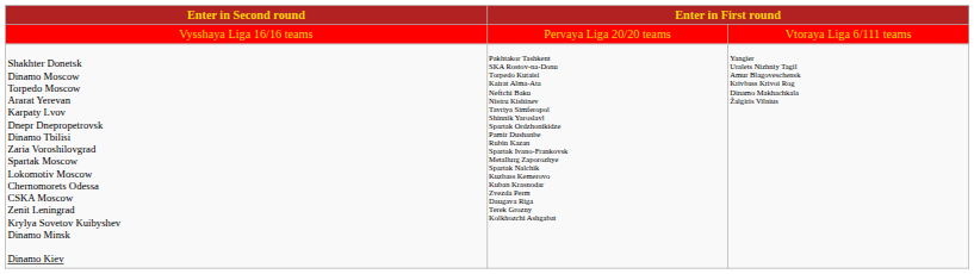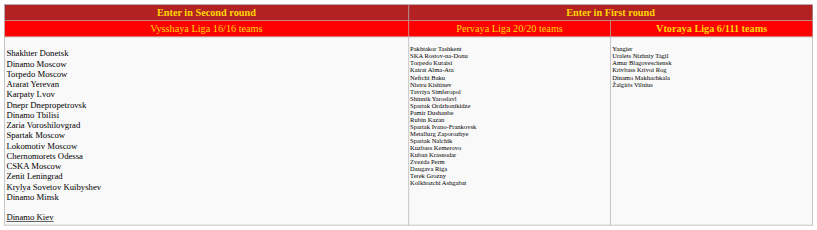 <table class="wikitable" style="width:100%;">
 <tr style="background:Firebrick; text-align:center;">
 <td style="width:50%; color:Gold" colspan="1"><strong>Enter in Second round</strong></td>
 <td style="width:50%; color:Gold" colspan="2"><strong>Enter in First round</strong></td>
 </tr>
 <tr style="background:Red;">
 <td style="text-align:center; width:50%; color:Gold" colspan=1>Vysshaya Liga 16/16 teams</td>
 <td style="text-align:center; width:25%; color:Gold" colspan=1>Pervaya Liga 20/20 teams</td>
-<td style="text-align:center; width:25%; color:Gold" colspan=1>Vtoraya Liga 6/111 teams</td>
+<td style="text-align:center; width:25%; color:Gold" colspan=1><strong>Vtoraya Liga 6/111 teams</strong></td>
 </tr>
 <tr style="vertical-align:top; font-size:85%;">
 <td><br> Shakhter Donetsk<br>  Dinamo Moscow<br>  Torpedo Moscow<br>  Ararat Yerevan<br>  Karpaty Lvov<br>  Dnepr Dnepropetrovsk<br>  Dinamo Tbilisi<br>  Zaria Voroshilovgrad<br>  Spartak Moscow<br>  Lokomotiv Moscow<br>  Chernomorets Odessa<br>  CSKA Moscow<br>  Zenit Leningrad<br>  Krylya Sovetov Kuibyshev<br>  Dinamo Minsk<br><br> <u>Dinamo Kiev</u><br></td>
 <td style="font-size:75%;"><br> Pakhtakor Tashkent<br>  SKA Rostov-na-Donu<br>  Torpedo Kutaisi<br>  Kairat Alma-Ata<br>  Neftchi Baku<br>  Nistru Kishinev<br>  Tavriya Simferopol<br>  Shinnik Yaroslavl<br>  Spartak Ordzhonikidze<br>  Pamir Dushanbe<br>  Rubin Kazan<br>  Spartak Ivano-Frankovsk<br>  Metallurg Zaporozhye<br>  Spartak Nalchik<br>  Kuzbass Kemerovo<br>  Kuban Krasnodar<br>  Zvezda Perm<br>  Daugava Riga<br>  Terek Grozny<br>  Kolkhozchi Ashgabat<br></td>
 <td style="font-size:75%;"><br> Yangier<br>  Uralets Nizhniy Tagil<br>  Amur Blagoveschensk<br>  Krivbass Krivoi Rog<br>  Dinamo Makhachkala<br>  Žalgiris Vilnius<br></td>
 </tr>
 </table>
